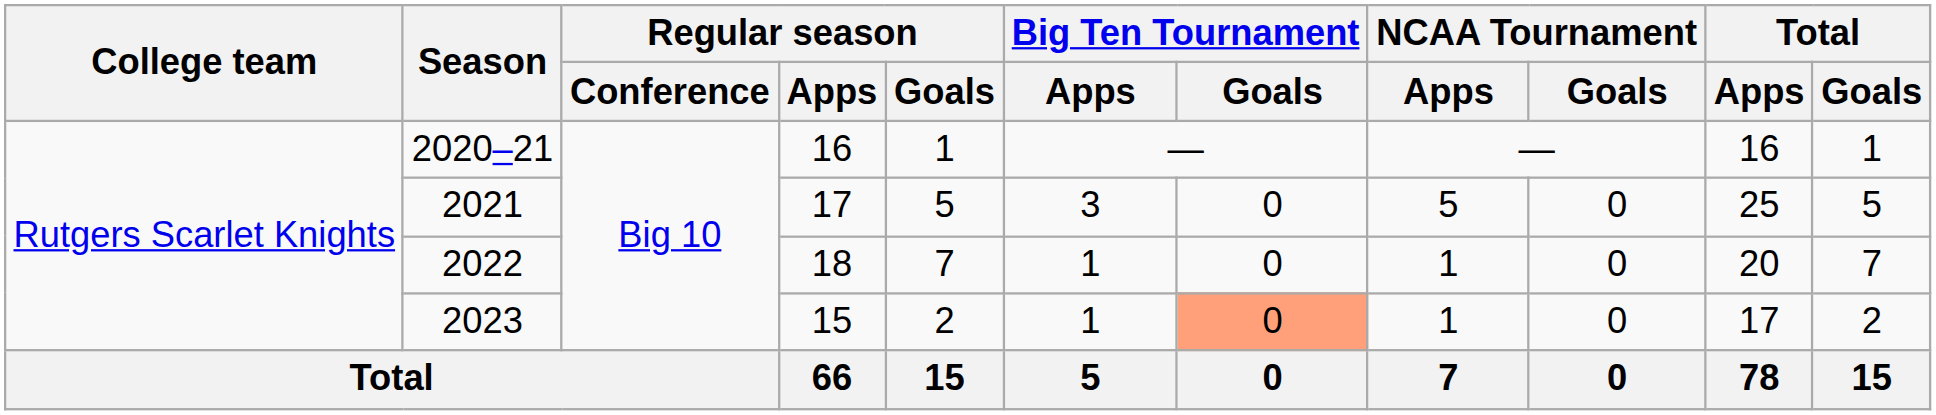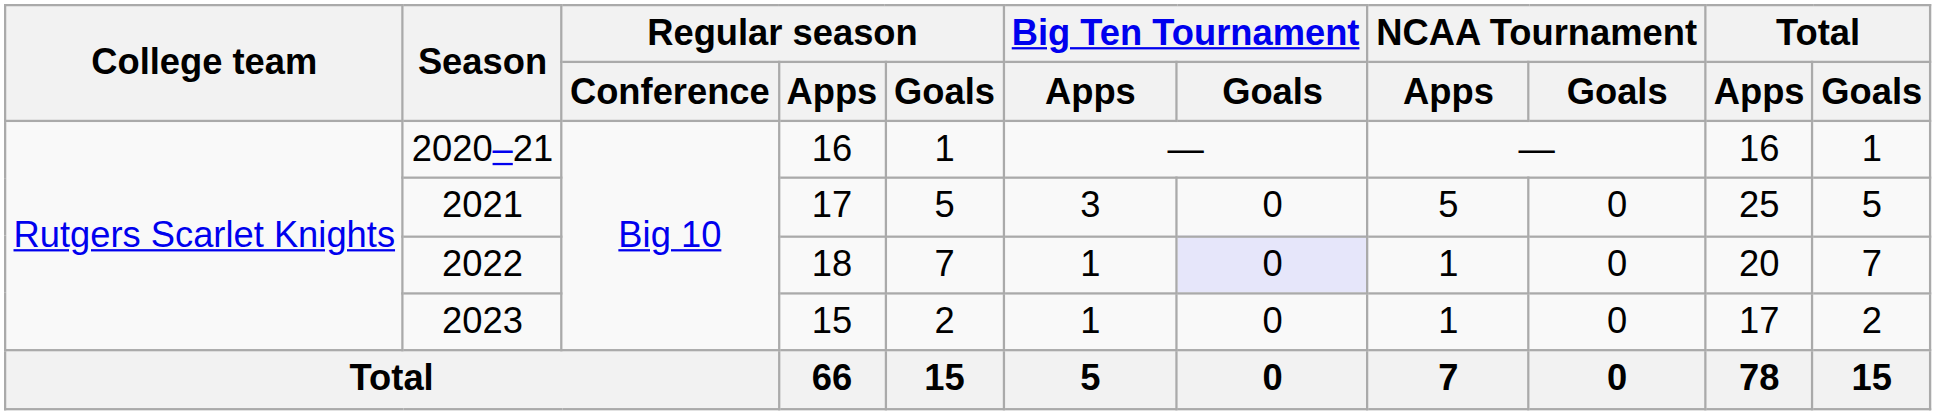 <table class="wikitable" style="text-align:center">
 <tr>
 <th rowspan="2">College team</th>
 <th rowspan="2">Season</th>
 <th colspan="3">Regular season</th>
 <th colspan="2"><a href='#'>Big Ten Tournament</a></th>
 <th colspan="2">NCAA Tournament</th>
 <th colspan="2">Total</th>
 </tr>
 <tr>
 <th>Conference</th>
 <th>Apps</th>
 <th>Goals</th>
 <th>Apps</th>
 <th>Goals</th>
 <th>Apps</th>
 <th>Goals</th>
 <th>Apps</th>
 <th>Goals</th>
 </tr>
 <tr>
 <td rowspan="4"><a href='#'>Rutgers Scarlet Knights</a></td>
 <td>2020<a href='#'>–</a>21</td>
 <td rowspan="4"><a href='#'>Big 10</a></td>
 <td>16</td>
 <td>1</td>
 <td colspan="2">—</td>
 <td colspan="2">—</td>
 <td>16</td>
 <td>1</td>
 </tr>
 <tr>
 <td>2021</td>
 <td>17</td>
 <td>5</td>
 <td>3</td>
 <td>0</td>
 <td>5</td>
 <td>0</td>
 <td>25</td>
 <td>5</td>
 </tr>
 <tr>
 <td>2022</td>
 <td>18</td>
 <td>7</td>
 <td>1</td>
-<td>0</td>
+<td style="background: lavender;">0</td>
 <td>1</td>
 <td>0</td>
 <td>20</td>
 <td>7</td>
 </tr>
 <tr>
 <td>2023</td>
 <td>15</td>
 <td>2</td>
 <td>1</td>
-<td style="background: lightsalmon;">0</td>
+<td>0</td>
 <td>1</td>
 <td>0</td>
 <td>17</td>
 <td>2</td>
 </tr>
 <tr>
 <th colspan="3">Total</th>
 <th>66</th>
 <th>15</th>
 <th>5</th>
 <th>0</th>
 <th>7</th>
 <th>0</th>
 <th>78</th>
 <th>15</th>
 </tr>
 </table>
